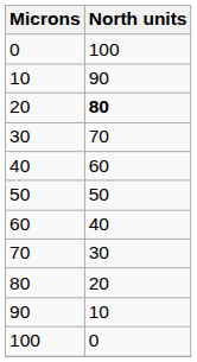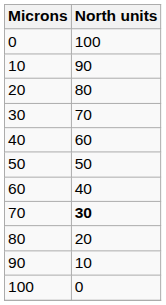 <table class="wikitable">
 <tr>
 <th>Microns</th>
 <th>North units</th>
 </tr>
 <tr>
 <td>0</td>
 <td>100</td>
 </tr>
 <tr>
 <td>10</td>
 <td>90</td>
 </tr>
 <tr>
 <td>20</td>
-<td><strong>80</strong></td>
+<td>80</td>
 </tr>
 <tr>
 <td>30</td>
 <td>70</td>
 </tr>
 <tr>
 <td>40</td>
 <td>60</td>
 </tr>
 <tr>
 <td>50</td>
 <td>50</td>
 </tr>
 <tr>
 <td>60</td>
 <td>40</td>
 </tr>
 <tr>
 <td>70</td>
-<td>30</td>
+<td><strong>30</strong></td>
 </tr>
 <tr>
 <td>80</td>
 <td>20</td>
 </tr>
 <tr>
 <td>90</td>
 <td>10</td>
 </tr>
 <tr>
 <td>100</td>
 <td>0</td>
 </tr>
 <tr>
 </tr>
 </table>
